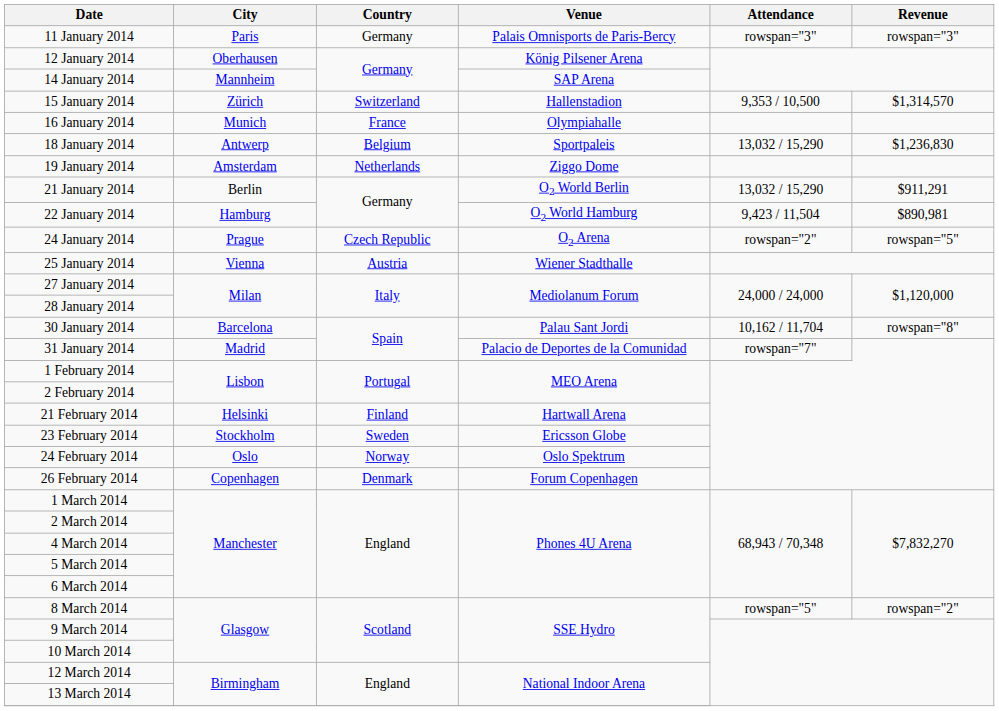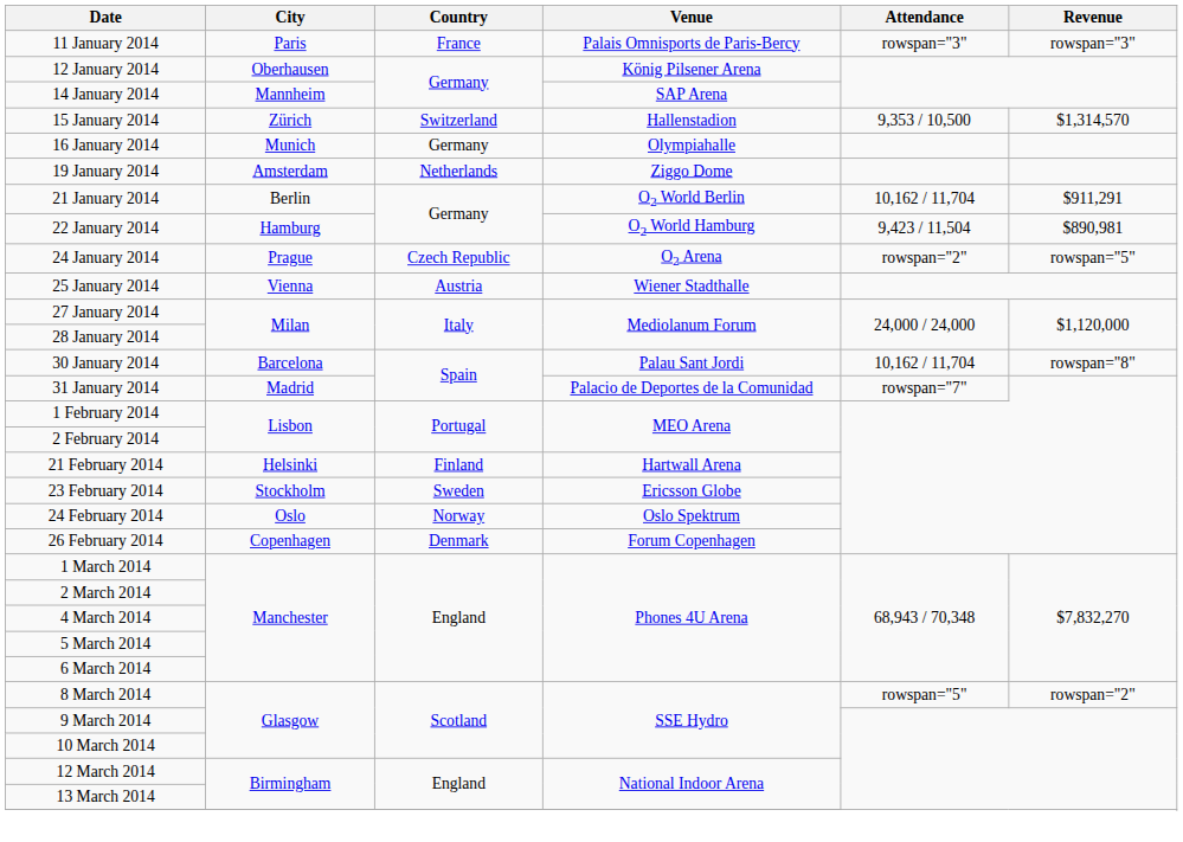 <table class="wikitable" style="text-align:center;">
 <tr>
 <th scope="col" style="width:12em;">Date</th>
 <th scope="col" style="width:10em;">City</th>
 <th scope="col" style="width:10em;">Country</th>
 <th scope="col" style="width:18em;">Venue</th>
 <th scope="col" style="width:10em;">Attendance</th>
 <th scope="col" style="width:10em;">Revenue</th>
 </tr>
 <tr>
 <td>11 January 2014</td>
 <td><a href='#'>Paris</a></td>
-<td>Germany</td>
+<td><a href='#'>France</a></td>
 <td><a href='#'>Palais Omnisports de Paris-Bercy</a></td>
 <td>rowspan="3" </td>
 <td>rowspan="3" </td>
 </tr>
 <tr>
 <td>12 January 2014</td>
 <td><a href='#'>Oberhausen</a></td>
 <td rowspan="2"><a href='#'>Germany</a></td>
 <td><a href='#'>König Pilsener Arena</a></td>
 </tr>
 <tr>
 <td>14 January 2014</td>
 <td><a href='#'>Mannheim</a></td>
 <td><a href='#'>SAP Arena</a></td>
 </tr>
 <tr>
 <td>15 January 2014</td>
 <td><a href='#'>Zürich</a></td>
 <td><a href='#'>Switzerland</a></td>
 <td><a href='#'>Hallenstadion</a></td>
 <td>9,353 / 10,500</td>
 <td>$1,314,570</td>
 </tr>
 <tr>
 <td>16 January 2014</td>
 <td><a href='#'>Munich</a></td>
-<td><a href='#'>France</a></td>
+<td>Germany</td>
 <td><a href='#'>Olympiahalle</a></td>
 <td></td>
 <td></td>
-</tr>
-<tr>
-<td>18 January 2014</td>
-<td><a href='#'>Antwerp</a></td>
-<td><a href='#'>Belgium</a></td>
-<td><a href='#'>Sportpaleis</a></td>
-<td>13,032 / 15,290</td>
-<td>$1,236,830</td>
 </tr>
 <tr>
 <td>19 January 2014</td>
 <td><a href='#'>Amsterdam</a></td>
 <td><a href='#'>Netherlands</a></td>
 <td><a href='#'>Ziggo Dome</a></td>
 <td></td>
 <td></td>
 </tr>
 <tr>
 <td>21 January 2014</td>
 <td>Berlin</td>
 <td rowspan="2">Germany</td>
 <td><a href='#'>O<sub>2</sub> World Berlin</a></td>
-<td>13,032 / 15,290</td>
+<td>10,162 / 11,704</td>
 <td>$911,291</td>
 </tr>
 <tr>
 <td>22 January 2014</td>
 <td><a href='#'>Hamburg</a></td>
 <td><a href='#'>O<sub>2</sub> World Hamburg</a></td>
 <td>9,423 / 11,504</td>
 <td>$890,981</td>
 </tr>
 <tr>
 <td>24 January 2014</td>
 <td><a href='#'>Prague</a></td>
 <td><a href='#'>Czech Republic</a></td>
 <td><a href='#'>O<sub>2</sub> Arena</a></td>
 <td>rowspan="2" </td>
 <td>rowspan="5" </td>
 </tr>
 <tr>
 <td>25 January 2014</td>
 <td><a href='#'>Vienna</a></td>
 <td><a href='#'>Austria</a></td>
 <td><a href='#'>Wiener Stadthalle</a></td>
 </tr>
 <tr>
 <td>27 January 2014</td>
 <td rowspan="2"><a href='#'>Milan</a></td>
 <td rowspan="2"><a href='#'>Italy</a></td>
 <td rowspan="2"><a href='#'>Mediolanum Forum</a></td>
 <td rowspan="2">24,000 / 24,000</td>
 <td rowspan="2">$1,120,000</td>
 </tr>
 <tr>
 <td>28 January 2014</td>
 </tr>
 <tr>
 <td>30 January 2014</td>
 <td><a href='#'>Barcelona</a></td>
 <td rowspan="2"><a href='#'>Spain</a></td>
 <td><a href='#'>Palau Sant Jordi</a></td>
 <td>10,162 / 11,704</td>
 <td>rowspan="8" </td>
 </tr>
 <tr>
 <td>31 January 2014</td>
 <td><a href='#'>Madrid</a></td>
 <td><a href='#'>Palacio de Deportes de la Comunidad</a></td>
 <td>rowspan="7" </td>
 </tr>
 <tr>
 <td>1 February 2014</td>
 <td rowspan="2"><a href='#'>Lisbon</a></td>
 <td rowspan="2"><a href='#'>Portugal</a></td>
 <td rowspan="2"><a href='#'>MEO Arena</a></td>
 </tr>
 <tr>
 <td>2 February 2014</td>
 </tr>
 <tr>
 <td>21 February 2014</td>
 <td><a href='#'>Helsinki</a></td>
 <td><a href='#'>Finland</a></td>
 <td><a href='#'>Hartwall Arena</a></td>
 </tr>
 <tr>
 <td>23 February 2014</td>
 <td><a href='#'>Stockholm</a></td>
 <td><a href='#'>Sweden</a></td>
 <td><a href='#'>Ericsson Globe</a></td>
 </tr>
 <tr>
 <td>24 February 2014</td>
 <td><a href='#'>Oslo</a></td>
 <td><a href='#'>Norway</a></td>
 <td><a href='#'>Oslo Spektrum</a></td>
 </tr>
 <tr>
 <td>26 February 2014</td>
 <td><a href='#'>Copenhagen</a></td>
 <td><a href='#'>Denmark</a></td>
 <td><a href='#'>Forum Copenhagen</a></td>
 </tr>
 <tr>
 <td>1 March 2014</td>
 <td rowspan="5"><a href='#'>Manchester</a></td>
 <td rowspan="5">England</td>
 <td rowspan="5"><a href='#'>Phones 4U Arena</a></td>
 <td rowspan="5">68,943 / 70,348</td>
 <td rowspan="5">$7,832,270</td>
 </tr>
 <tr>
 <td>2 March 2014</td>
 </tr>
 <tr>
 <td>4 March 2014</td>
 </tr>
 <tr>
 <td>5 March 2014</td>
 </tr>
 <tr>
 <td>6 March 2014</td>
 </tr>
 <tr>
 <td>8 March 2014</td>
 <td rowspan="3"><a href='#'>Glasgow</a></td>
 <td rowspan="3"><a href='#'>Scotland</a></td>
 <td rowspan="3"><a href='#'>SSE Hydro</a></td>
 <td>rowspan="5" </td>
 <td>rowspan="2" </td>
 </tr>
 <tr>
 <td>9 March 2014</td>
 </tr>
 <tr>
 <td>10 March 2014</td>
 </tr>
 <tr>
 <td>12 March 2014</td>
 <td rowspan="2"><a href='#'>Birmingham</a></td>
 <td rowspan="2">England</td>
 <td rowspan="2"><a href='#'>National Indoor Arena</a></td>
 </tr>
 <tr>
 <td>13 March 2014</td>
 </tr>
 <tr>
 </tr>
 </table>
